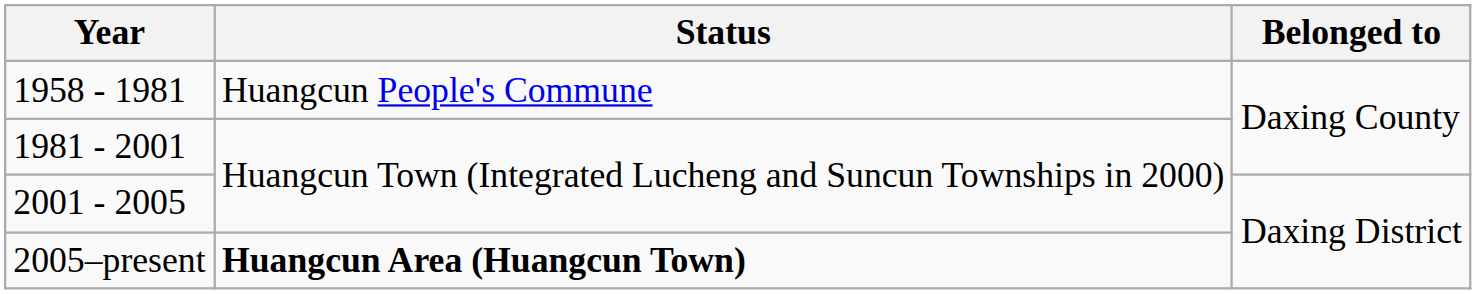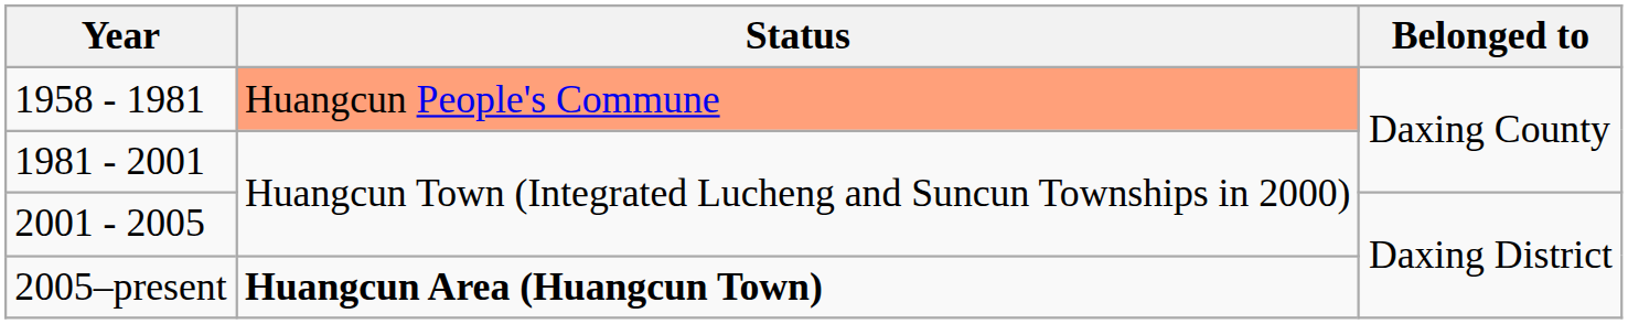 <table class="wikitable">
 <tr>
 <th>Year</th>
 <th>Status</th>
 <th>Belonged to</th>
 </tr>
 <tr>
 <td>1958 - 1981</td>
-<td>Huangcun <a href='#'>People's Commune</a></td>
+<td style="background: lightsalmon;">Huangcun <a href='#'>People's Commune</a></td>
 <td rowspan="2">Daxing County</td>
 </tr>
 <tr>
 <td>1981 - 2001</td>
 <td rowspan="2">Huangcun Town (Integrated Lucheng and Suncun Townships in 2000)</td>
 </tr>
 <tr>
 <td>2001 - 2005</td>
 <td rowspan="2">Daxing District</td>
 </tr>
 <tr>
 <td>2005–present</td>
 <td><strong>Huangcun Area (Huangcun Town)</strong></td>
 </tr>
 </table>
